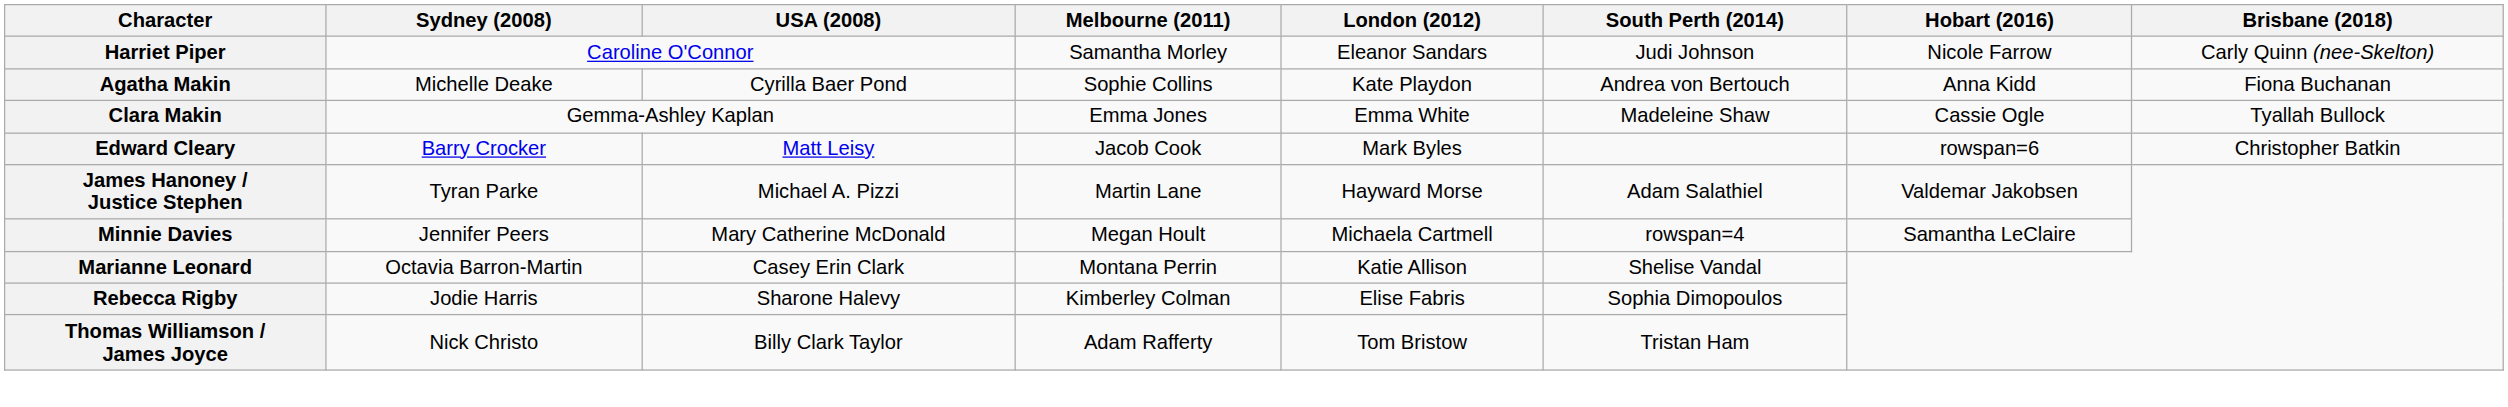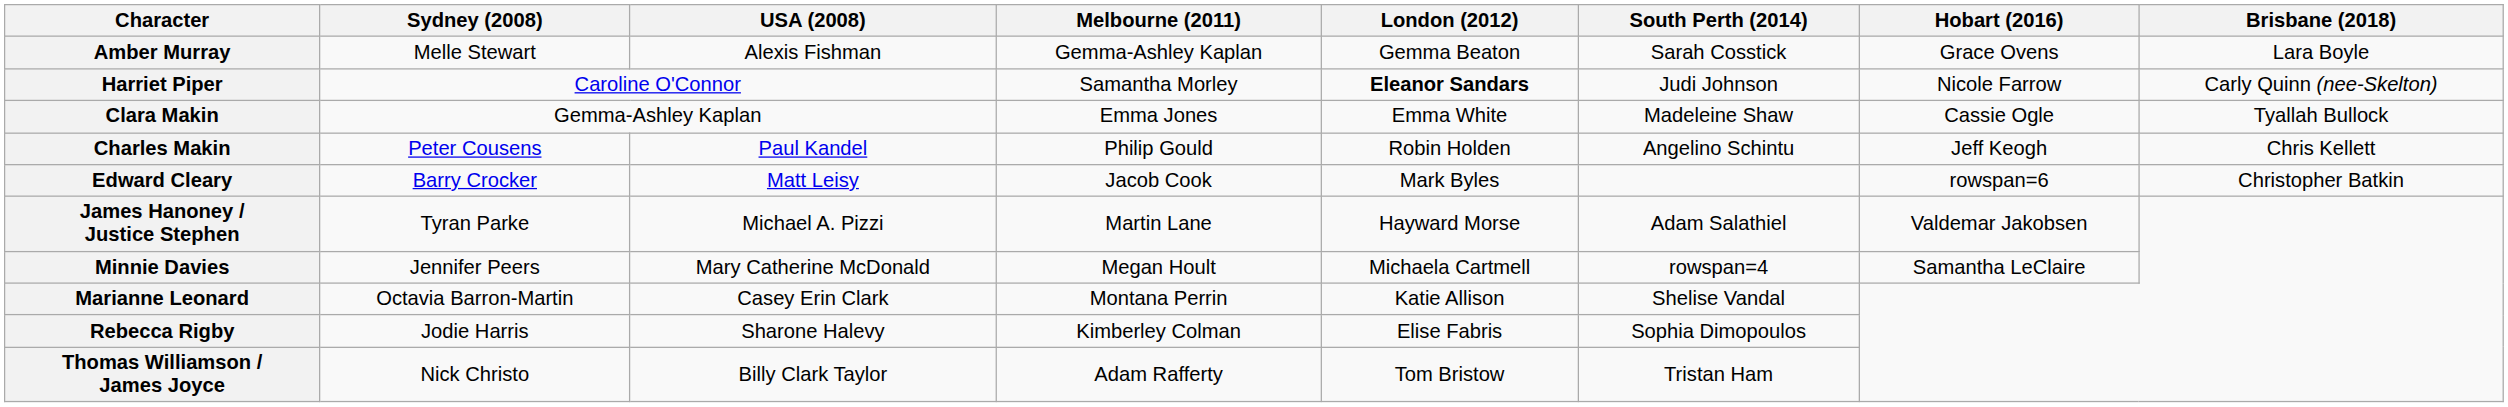 <table class="wikitable" style="width:100%; text-align:center">
 <tr>
 <th scope="col">Character</th>
 <th scope="col">Sydney (2008)</th>
 <th scope="col">USA (2008)</th>
 <th scope="col">Melbourne (2011)</th>
 <th scope="col">London (2012)</th>
 <th scope="col">South Perth (2014)</th>
 <th scope="col">Hobart (2016)</th>
 <th scope="col">Brisbane (2018)</th>
 </tr>
 <tr>
+<th>Amber Murray</th>
+<td>Melle Stewart</td>
+<td>Alexis Fishman</td>
+<td>Gemma-Ashley Kaplan</td>
+<td>Gemma Beaton</td>
+<td>Sarah Cosstick</td>
+<td>Grace Ovens</td>
+<td>Lara Boyle</td>
+</tr>
+<tr>
 <th>Harriet Piper</th>
 <td colspan=2><a href='#'>Caroline O'Connor</a></td>
 <td>Samantha Morley</td>
-<td>Eleanor Sandars</td>
+<td><strong>Eleanor Sandars</strong></td>
 <td>Judi Johnson</td>
 <td>Nicole Farrow</td>
 <td>Carly Quinn <em>(nee-Skelton)</em></td>
-</tr>
-<tr>
-<th>Agatha Makin</th>
-<td>Michelle Deake</td>
-<td>Cyrilla Baer Pond</td>
-<td>Sophie Collins</td>
-<td>Kate Playdon</td>
-<td>Andrea von Bertouch</td>
-<td>Anna Kidd</td>
-<td>Fiona Buchanan</td>
 </tr>
 <tr>
 <th>Clara Makin</th>
 <td colspan=2>Gemma-Ashley Kaplan</td>
 <td>Emma Jones</td>
 <td>Emma White</td>
 <td>Madeleine Shaw</td>
 <td>Cassie Ogle</td>
 <td>Tyallah Bullock</td>
+</tr>
+<tr>
+<th>Charles Makin</th>
+<td><a href='#'>Peter Cousens</a></td>
+<td><a href='#'>Paul Kandel</a></td>
+<td>Philip Gould</td>
+<td>Robin Holden</td>
+<td>Angelino Schintu</td>
+<td>Jeff Keogh</td>
+<td>Chris Kellett</td>
 </tr>
 <tr>
 <th>Edward Cleary</th>
 <td><a href='#'>Barry Crocker</a></td>
 <td><a href='#'>Matt Leisy</a></td>
 <td>Jacob Cook</td>
 <td>Mark Byles</td>
 <td></td>
 <td>rowspan=6 </td>
 <td>Christopher Batkin</td>
 </tr>
 <tr>
 <th>James Hanoney / <br>Justice Stephen</th>
 <td>Tyran Parke</td>
 <td>Michael A. Pizzi</td>
 <td>Martin Lane</td>
 <td>Hayward Morse</td>
 <td>Adam Salathiel</td>
 <td>Valdemar Jakobsen</td>
 </tr>
 <tr>
 <th>Minnie Davies</th>
 <td>Jennifer Peers</td>
 <td>Mary Catherine McDonald</td>
 <td>Megan Hoult</td>
 <td>Michaela Cartmell</td>
 <td>rowspan=4 </td>
 <td>Samantha LeClaire</td>
 </tr>
 <tr>
 <th>Marianne Leonard</th>
 <td>Octavia Barron-Martin</td>
 <td>Casey Erin Clark</td>
 <td>Montana Perrin</td>
 <td>Katie Allison</td>
 <td>Shelise Vandal</td>
 </tr>
 <tr>
 <th>Rebecca Rigby</th>
 <td>Jodie Harris</td>
 <td>Sharone Halevy</td>
 <td>Kimberley Colman</td>
 <td>Elise Fabris</td>
 <td>Sophia Dimopoulos</td>
 </tr>
 <tr>
 <th>Thomas Williamson / <br>James Joyce</th>
 <td>Nick Christo</td>
 <td>Billy Clark Taylor</td>
 <td>Adam Rafferty</td>
 <td>Tom Bristow</td>
 <td>Tristan Ham</td>
 </tr>
 </table>
